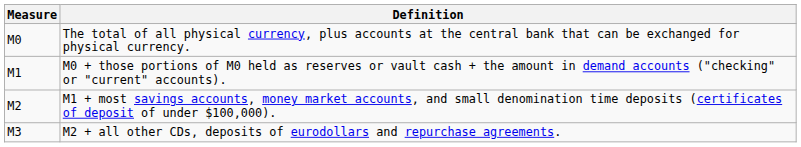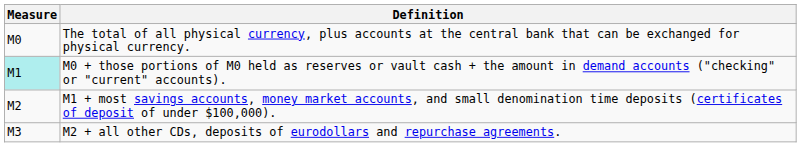 <table class="wikitable">
 <tr>
 <th>Measure</th>
 <th>Definition</th>
 </tr>
 <tr>
 <td>M0</td>
 <td>The total of all physical <a href='#'>currency</a>, plus accounts at the central bank that can be exchanged for physical currency.</td>
 </tr>
 <tr>
-<td>M1</td>
+<td style="background: paleturquoise;">M1</td>
 <td>M0 + those portions of M0 held as reserves or vault cash + the amount in <a href='#'>demand accounts</a> ("checking" or "current" accounts).</td>
 </tr>
 <tr>
 <td>M2</td>
 <td>M1 + most <a href='#'>savings accounts</a>, <a href='#'>money market accounts</a>, and small denomination time deposits (<a href='#'>certificates of deposit</a> of under $100,000).</td>
 </tr>
 <tr>
 <td>M3</td>
 <td>M2 + all other CDs, deposits of <a href='#'>eurodollars</a> and <a href='#'>repurchase agreements</a>.</td>
 </tr>
 </table>
